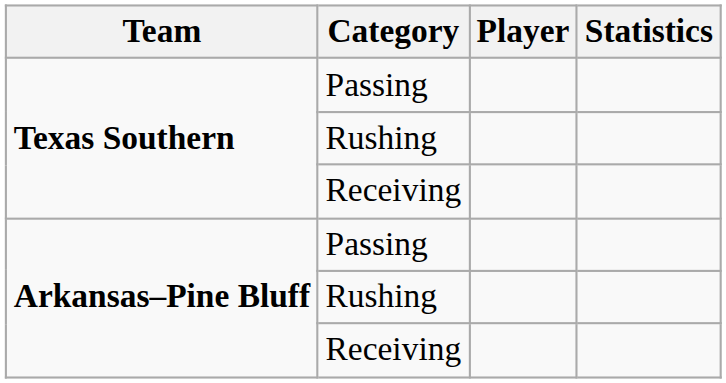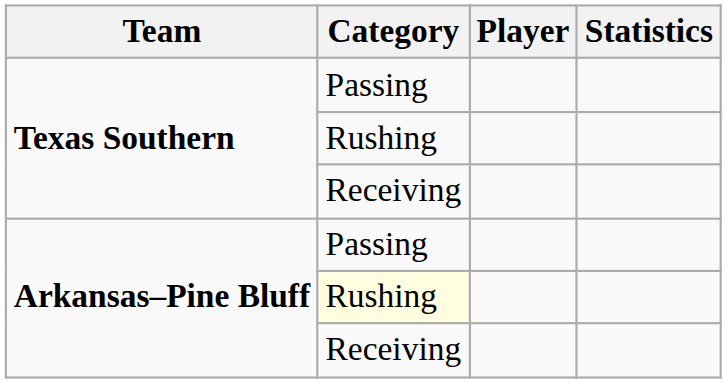 <table class="wikitable" style="float: right;">
 <tr>
 <th>Team</th>
 <th>Category</th>
 <th>Player</th>
 <th>Statistics</th>
 </tr>
 <tr>
 <td rowspan=3><strong>Texas Southern</strong></td>
 <td>Passing</td>
 <td></td>
 <td></td>
 </tr>
 <tr>
 <td>Rushing</td>
 <td></td>
 <td></td>
 </tr>
 <tr>
 <td>Receiving</td>
 <td></td>
 <td></td>
 </tr>
 <tr>
 <td rowspan=3><strong>Arkansas–Pine Bluff</strong></td>
 <td>Passing</td>
 <td></td>
 <td></td>
 </tr>
 <tr>
-<td>Rushing</td>
+<td style="background: lightyellow;">Rushing</td>
 <td></td>
 <td></td>
 </tr>
 <tr>
 <td>Receiving</td>
 <td></td>
 <td></td>
 </tr>
 </table>
